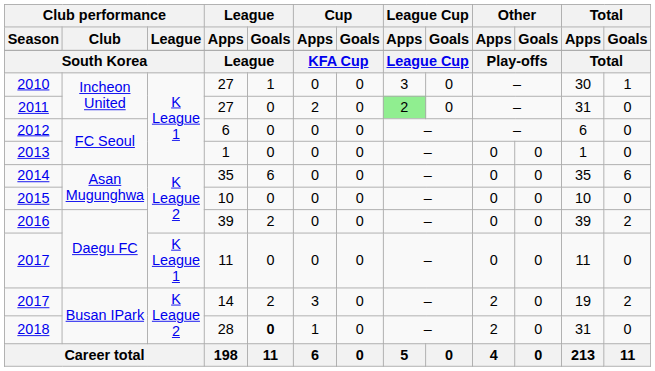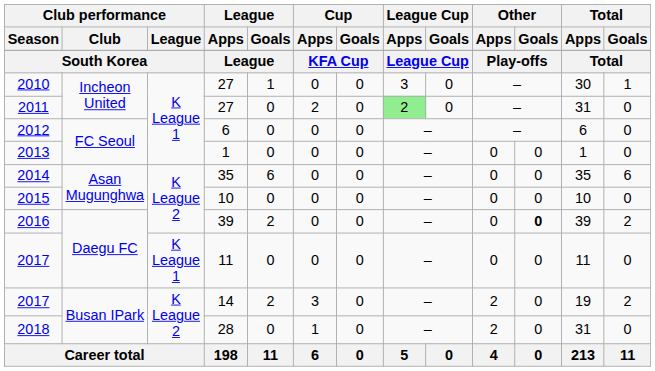 <table class="wikitable" style="text-align:center">
 <tr>
 <th colspan=3>Club performance</th>
 <th colspan=2>League</th>
 <th colspan=2>Cup</th>
 <th colspan=2>League Cup</th>
 <th colspan=2>Other</th>
 <th colspan=2>Total</th>
 </tr>
 <tr>
 <th>Season</th>
 <th>Club</th>
 <th>League</th>
 <th>Apps</th>
 <th>Goals</th>
 <th>Apps</th>
 <th>Goals</th>
 <th>Apps</th>
 <th>Goals</th>
 <th>Apps</th>
 <th>Goals</th>
 <th>Apps</th>
 <th>Goals</th>
 </tr>
 <tr>
 </tr>
 <tr>
 <th colspan=3>South Korea</th>
 <th colspan=2>League</th>
 <th colspan=2><a href='#'>KFA Cup</a><br></th>
 <th colspan=2><a href='#'>League Cup</a></th>
 <th colspan=2>Play-offs</th>
 <th colspan=2>Total</th>
 </tr>
 <tr>
 <td><a href='#'>2010</a></td>
 <td rowspan="2"><a href='#'>Incheon United</a></td>
 <td rowspan="4"><a href='#'>K League 1</a></td>
 <td>27</td>
 <td>1</td>
 <td>0</td>
 <td>0</td>
 <td>3</td>
 <td>0</td>
 <td colspan="2">–</td>
 <td>30</td>
 <td>1</td>
 </tr>
 <tr>
 <td><a href='#'>2011</a></td>
 <td>27</td>
 <td>0</td>
 <td>2</td>
 <td>0</td>
 <td style="background: lightgreen;">2</td>
 <td>0</td>
 <td colspan="2">–</td>
 <td>31</td>
 <td>0</td>
 </tr>
 <tr>
 <td><a href='#'>2012</a></td>
 <td rowspan="2"><a href='#'>FC Seoul</a></td>
 <td>6</td>
 <td>0</td>
 <td>0</td>
 <td>0</td>
 <td colspan="2">–</td>
 <td colspan="2">–</td>
 <td>6</td>
 <td>0</td>
 </tr>
 <tr>
 <td><a href='#'>2013</a></td>
 <td>1</td>
 <td>0</td>
 <td>0</td>
 <td>0</td>
 <td colspan="2">–</td>
 <td>0</td>
 <td>0</td>
 <td>1</td>
 <td>0</td>
 </tr>
 <tr>
 <td><a href='#'>2014</a></td>
 <td rowspan="2"><a href='#'>Asan Mugunghwa</a></td>
 <td rowspan="3"><a href='#'>K League 2</a></td>
 <td>35</td>
 <td>6</td>
 <td>0</td>
 <td>0</td>
 <td colspan="2">–</td>
 <td>0</td>
 <td>0</td>
 <td>35</td>
 <td>6</td>
 </tr>
 <tr>
 <td><a href='#'>2015</a></td>
 <td>10</td>
 <td>0</td>
 <td>0</td>
 <td>0</td>
 <td colspan="2">–</td>
 <td>0</td>
 <td>0</td>
 <td>10</td>
 <td>0</td>
 </tr>
 <tr>
 <td><a href='#'>2016</a></td>
 <td rowspan="2"><a href='#'>Daegu FC</a></td>
 <td>39</td>
 <td>2</td>
 <td>0</td>
 <td>0</td>
 <td colspan="2">–</td>
 <td>0</td>
-<td>0</td>
+<td><strong>0</strong></td>
 <td>39</td>
 <td>2</td>
 </tr>
 <tr>
 <td><a href='#'>2017</a></td>
 <td><a href='#'>K League 1</a></td>
 <td>11</td>
 <td>0</td>
 <td>0</td>
 <td>0</td>
 <td colspan="2">–</td>
 <td>0</td>
 <td>0</td>
 <td>11</td>
 <td>0</td>
 </tr>
 <tr>
 <td><a href='#'>2017</a></td>
 <td rowspan="2"><a href='#'>Busan IPark</a></td>
 <td rowspan="2"><a href='#'>K League 2</a></td>
 <td>14</td>
 <td>2</td>
 <td>3</td>
 <td>0</td>
 <td colspan="2">–</td>
 <td>2</td>
 <td>0</td>
 <td>19</td>
 <td>2</td>
 </tr>
 <tr>
 <td><a href='#'>2018</a></td>
 <td>28</td>
-<td><strong>0</strong></td>
+<td>0</td>
 <td>1</td>
 <td>0</td>
 <td colspan="2">–</td>
 <td>2</td>
 <td>0</td>
 <td>31</td>
 <td>0</td>
 </tr>
 <tr>
 <th colspan=3>Career total</th>
 <th>198</th>
 <th>11</th>
 <th>6</th>
 <th>0</th>
 <th>5</th>
 <th>0</th>
 <th>4</th>
 <th>0</th>
 <th>213</th>
 <th>11</th>
 </tr>
 </table>
